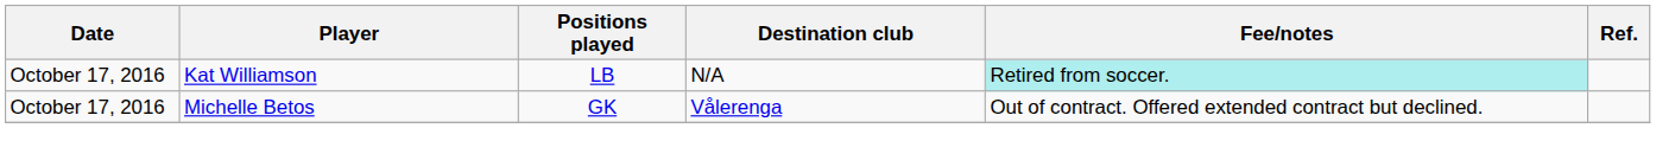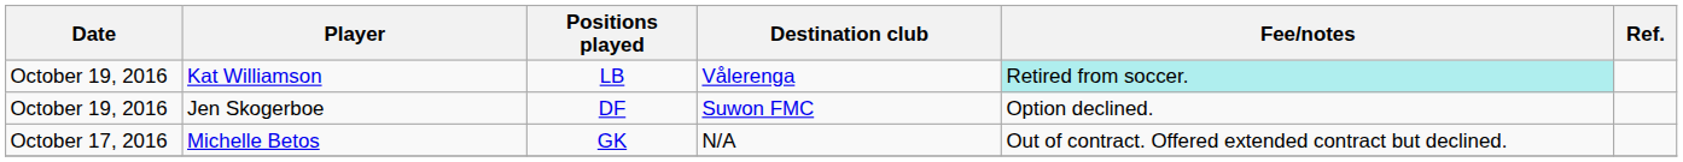 <table class="wikitable" style="text-align:left; font-size:95%;">
 <tr>
 <th style="width:125px;">Date</th>
 <th style="width:250px;">Player</th>
 <th style="width:120px;">Positions played</th>
 <th style="width:220px;">Destination club</th>
 <th style="width:450px;">Fee/notes</th>
 <th style="width:40px;">Ref.</th>
 </tr>
 <tr>
-<td>October 17, 2016</td>
+<td>October 19, 2016</td>
 <td> <a href='#'>Kat Williamson</a></td>
 <td style="text-align:center;"><a href='#'>LB</a></td>
-<td>N/A</td>
+<td> <a href='#'>Vålerenga</a></td>
 <td style="background: paleturquoise;">Retired from soccer.</td>
+<td></td>
+</tr>
+<tr>
+<td>October 19, 2016</td>
+<td> Jen Skogerboe</td>
+<td style="text-align:center;"><a href='#'>DF</a></td>
+<td> <a href='#'>Suwon FMC</a></td>
+<td>Option declined.</td>
 <td></td>
 </tr>
 <tr>
 <td>October 17, 2016</td>
 <td> <a href='#'>Michelle Betos</a></td>
 <td style="text-align:center;"><a href='#'>GK</a></td>
-<td> <a href='#'>Vålerenga</a></td>
+<td>N/A</td>
 <td>Out of contract. Offered extended contract but declined.</td>
 <td></td>
 </tr>
 <tr>
 </tr>
 </table>
